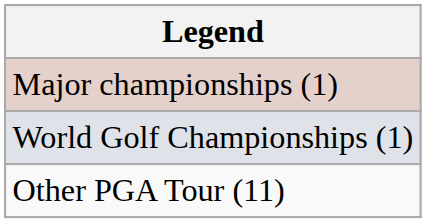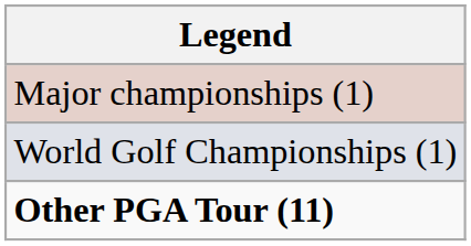 <table class="wikitable" style="font-size:95%;">
 <tr>
 <th>Legend</th>
 </tr>
 <tr style="background:#e5d1cb;">
 <td>Major championships (1)</td>
 </tr>
 <tr style="background:#dfe2e9;">
 <td>World Golf Championships (1)</td>
 </tr>
 <tr>
-<td>Other PGA Tour (11)</td>
+<td><strong>Other PGA Tour (11)</strong></td>
 </tr>
 </table>
